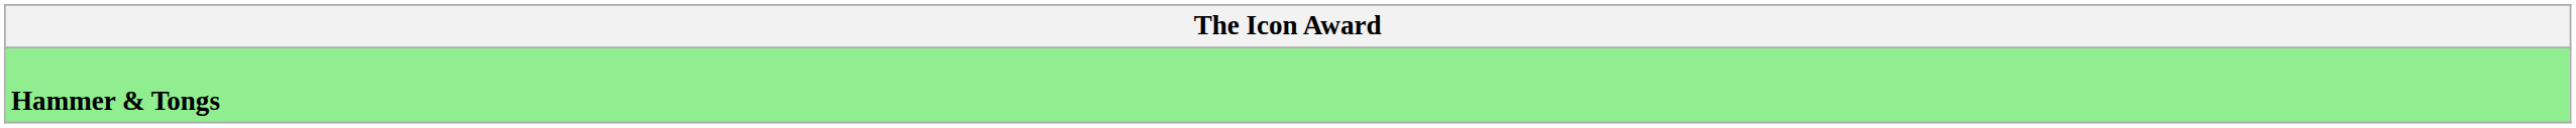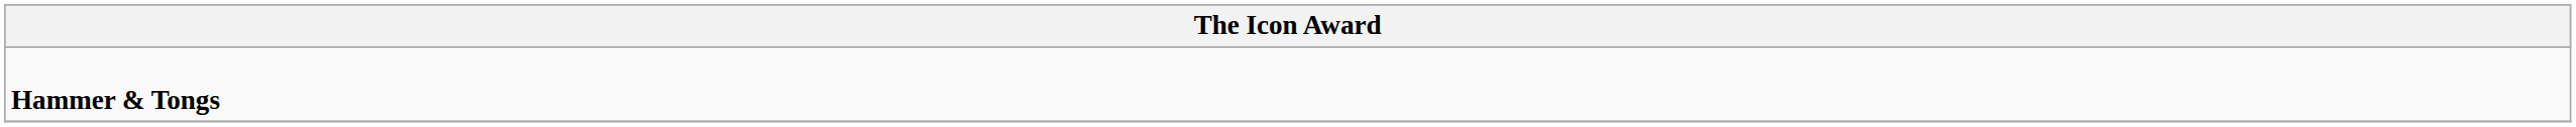 <table class="wikitable" style="width:95%">
 <tr bgcolor="#bebebe">
 <th width="50%">The Icon Award</th>
 </tr>
 <tr>
-<td valign="top" style="background: lightgreen;"><br><strong>Hammer & Tongs</strong></td>
+<td valign="top"><br><strong>Hammer & Tongs</strong></td>
 </tr>
 <tr>
 </tr>
 </table>
